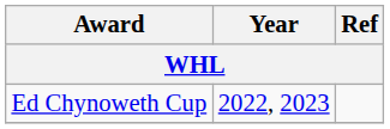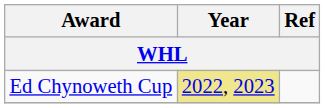 <table class="wikitable">
 <tr>
 <th>Award</th>
 <th>Year</th>
 <th>Ref</th>
 </tr>
 <tr ALIGN="center" bgcolor="#e0e0e0">
 <th colspan="4"><a href='#'>WHL</a></th>
 </tr>
 <tr>
 <td><a href='#'>Ed Chynoweth Cup</a></td>
-<td><a href='#'>2022</a>, <a href='#'>2023</a></td>
+<td style="background: khaki;"><a href='#'>2022</a>, <a href='#'>2023</a></td>
 <td></td>
 </tr>
 <tr>
 </tr>
 </table>
